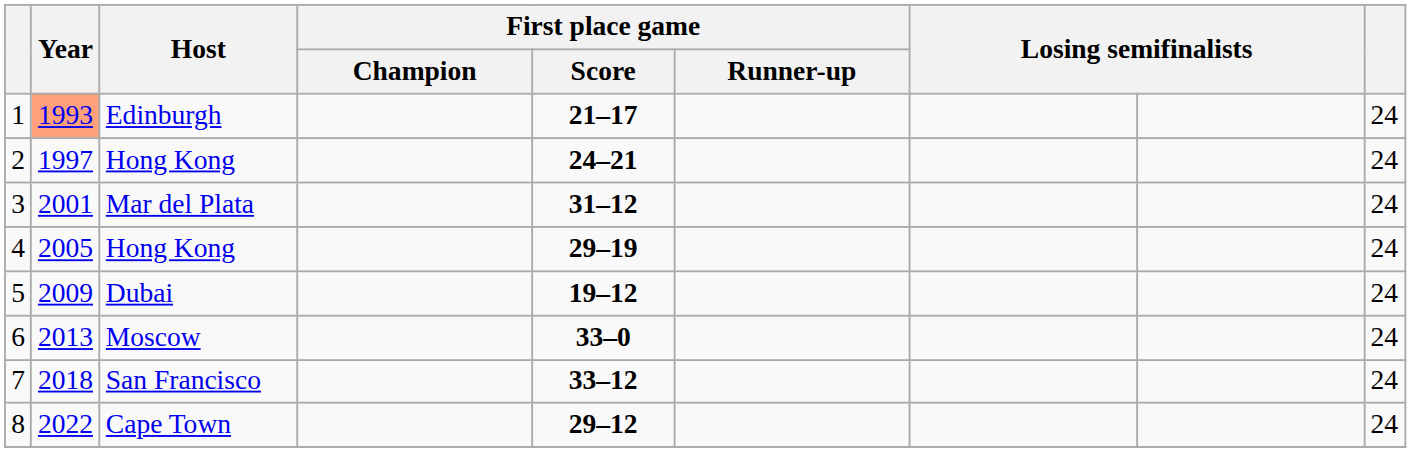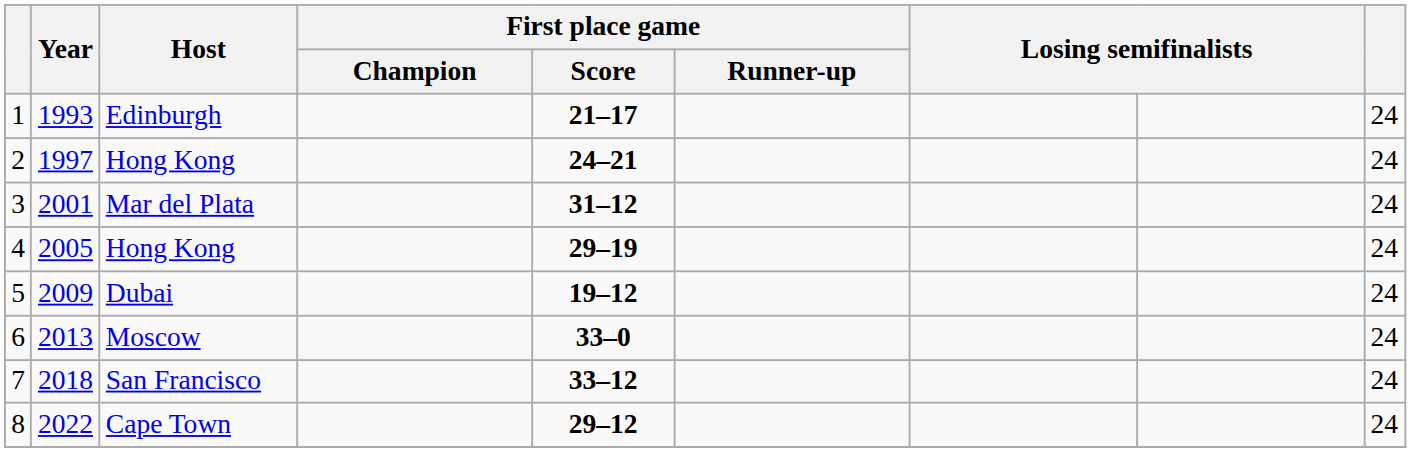 <table class="wikitable sortable" style="font-size:93%; text-align:center; width:;">
 <tr>
 <th rowspan=2 style= "width:;"></th>
 <th rowspan=2 style= "width:;">Year</th>
 <th rowspan=2 style= "width:100px;">Host</th>
 <th colspan=3>First place game</th>
 <th rowspan=2; colspan=2>Losing semifinalists</th>
 <th rowspan=2 style= "width:;"></th>
 </tr>
 <tr>
 <th width= 120px> Champion</th>
 <th width= 70px>Score</th>
 <th width= 120px> Runner-up</th>
 </tr>
 <tr>
 <td>1</td>
-<td style="background: lightsalmon;"><a href='#'>1993</a></td>
+<td><a href='#'>1993</a></td>
 <td align=left> <a href='#'>Edinburgh</a></td>
 <td><strong></strong></td>
 <td><strong>21–17</strong></td>
 <td></td>
 <td width=116></td>
 <td width=116></td>
 <td>24</td>
 </tr>
 <tr>
 <td>2</td>
 <td><a href='#'>1997</a></td>
 <td align=left> <a href='#'>Hong Kong</a></td>
 <td><strong></strong></td>
 <td><strong>24–21</strong></td>
 <td></td>
 <td></td>
 <td></td>
 <td>24</td>
 </tr>
 <tr>
 <td>3</td>
 <td><a href='#'>2001</a></td>
 <td align=left> <a href='#'>Mar del Plata</a></td>
 <td><strong></strong></td>
 <td><strong>31–12</strong></td>
 <td></td>
 <td></td>
 <td></td>
 <td>24</td>
 </tr>
 <tr>
 <td>4</td>
 <td><a href='#'>2005</a></td>
 <td align=left> <a href='#'>Hong Kong</a></td>
 <td><strong></strong></td>
 <td><strong>29–19</strong></td>
 <td></td>
 <td></td>
 <td></td>
 <td>24</td>
 </tr>
 <tr>
 <td>5</td>
 <td><a href='#'>2009</a></td>
 <td align=left> <a href='#'>Dubai</a></td>
 <td><strong></strong></td>
 <td><strong>19–12</strong></td>
 <td></td>
 <td></td>
 <td></td>
 <td>24</td>
 </tr>
 <tr>
 <td>6</td>
 <td><a href='#'>2013</a></td>
 <td align=left> <a href='#'>Moscow</a></td>
 <td><strong></strong></td>
 <td><strong>33–0</strong></td>
 <td></td>
 <td></td>
 <td></td>
 <td>24</td>
 </tr>
 <tr>
 <td>7</td>
 <td><a href='#'>2018</a></td>
 <td align=left> <a href='#'>San Francisco</a></td>
 <td><strong></strong></td>
 <td><strong>33–12</strong></td>
 <td></td>
 <td></td>
 <td></td>
 <td>24</td>
 </tr>
 <tr>
 <td>8</td>
 <td><a href='#'>2022</a></td>
 <td align=left> <a href='#'>Cape Town</a></td>
 <td><strong></strong></td>
 <td><strong>29–12</strong></td>
 <td></td>
 <td></td>
 <td></td>
 <td>24</td>
 </tr>
 <tr>
 </tr>
 </table>
